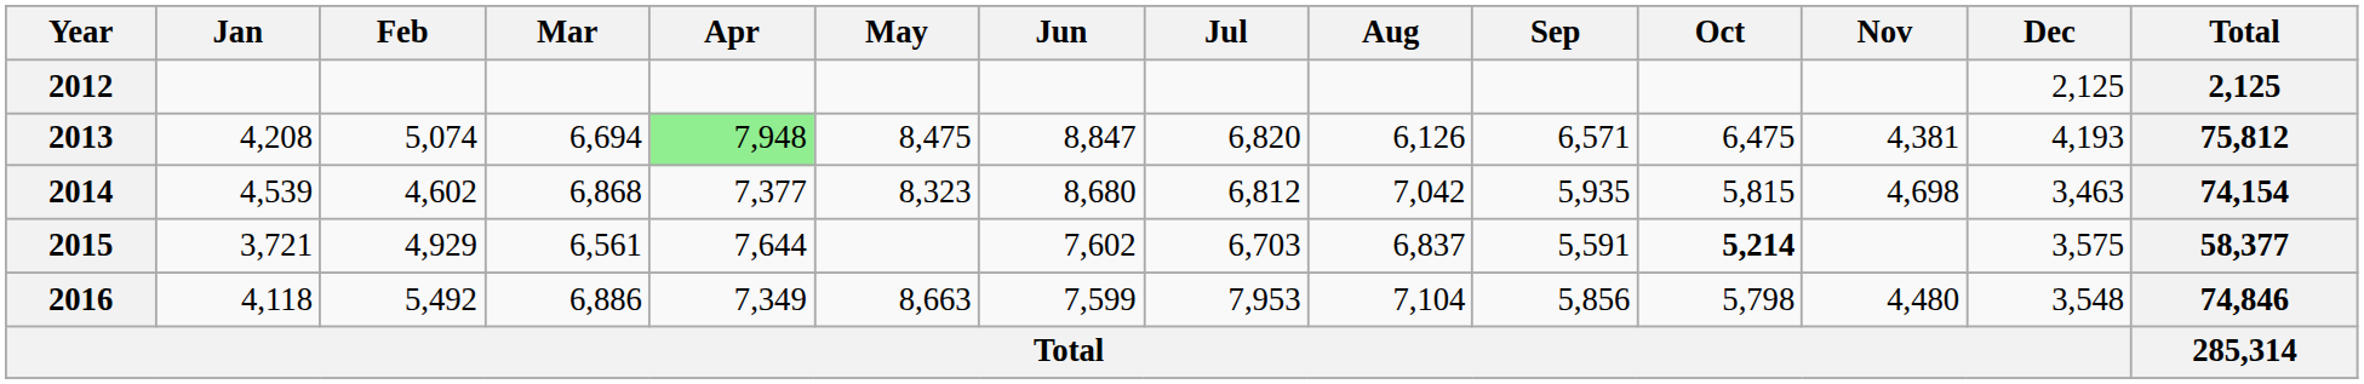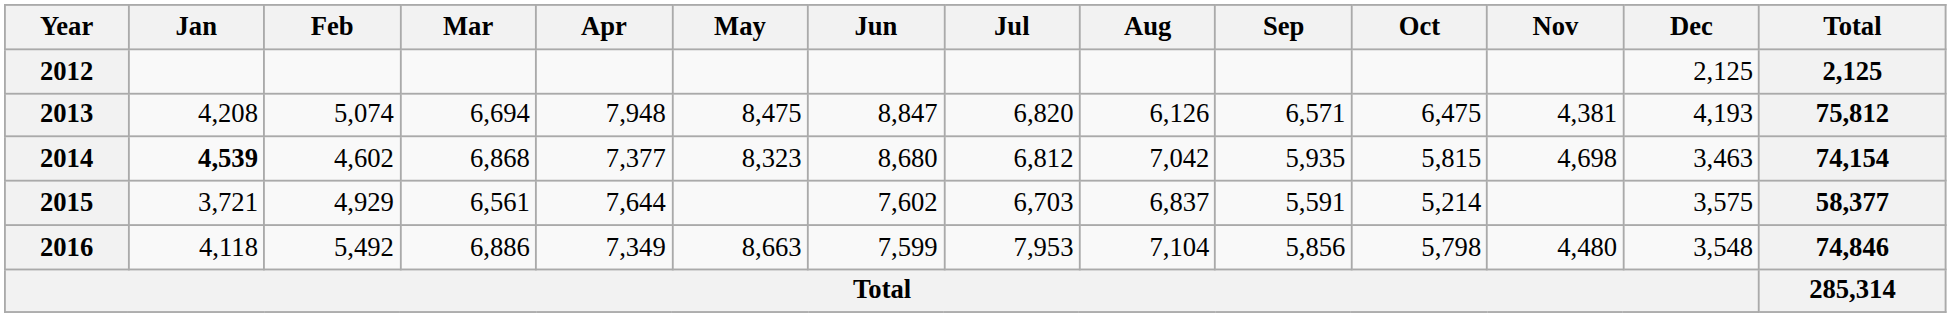 <table class=wikitable style="text-align:right; font-size:0.9em; width:1050px;">
 <tr>
 <th>Year</th>
 <th>Jan</th>
 <th>Feb</th>
 <th>Mar</th>
 <th>Apr</th>
 <th>May</th>
 <th>Jun</th>
 <th>Jul</th>
 <th>Aug</th>
 <th>Sep</th>
 <th>Oct</th>
 <th>Nov</th>
 <th>Dec</th>
 <th>Total</th>
 </tr>
 <tr>
 <th>2012</th>
 <td></td>
 <td></td>
 <td></td>
 <td></td>
 <td></td>
 <td></td>
 <td></td>
 <td></td>
 <td></td>
 <td></td>
 <td></td>
 <td>2,125</td>
 <th>2,125</th>
 </tr>
 <tr>
 <th>2013</th>
 <td>4,208</td>
 <td>5,074</td>
 <td>6,694</td>
-<td style="background: lightgreen;">7,948</td>
+<td>7,948</td>
 <td>8,475</td>
 <td>8,847</td>
 <td>6,820</td>
 <td>6,126</td>
 <td>6,571</td>
 <td>6,475</td>
 <td>4,381</td>
 <td>4,193</td>
 <th>75,812</th>
 </tr>
 <tr>
 <th>2014</th>
-<td>4,539</td>
+<td><strong>4,539</strong></td>
 <td>4,602</td>
 <td>6,868</td>
 <td>7,377</td>
 <td>8,323</td>
 <td>8,680</td>
 <td>6,812</td>
 <td>7,042</td>
 <td>5,935</td>
 <td>5,815</td>
 <td>4,698</td>
 <td>3,463</td>
 <th>74,154</th>
 </tr>
 <tr>
 <th>2015</th>
 <td>3,721</td>
 <td>4,929</td>
 <td>6,561</td>
 <td>7,644</td>
 <td></td>
 <td>7,602</td>
 <td>6,703</td>
 <td>6,837</td>
 <td>5,591</td>
-<td><strong>5,214</strong></td>
+<td>5,214</td>
 <td></td>
 <td>3,575</td>
 <th>58,377</th>
 </tr>
 <tr>
 <th>2016</th>
 <td>4,118</td>
 <td>5,492</td>
 <td>6,886</td>
 <td>7,349</td>
 <td>8,663</td>
 <td>7,599</td>
 <td>7,953</td>
 <td>7,104</td>
 <td>5,856</td>
 <td>5,798</td>
 <td>4,480</td>
 <td>3,548</td>
 <th>74,846</th>
 </tr>
 <tr>
 <th colspan=13>Total</th>
 <th>285,314</th>
 </tr>
 </table>
